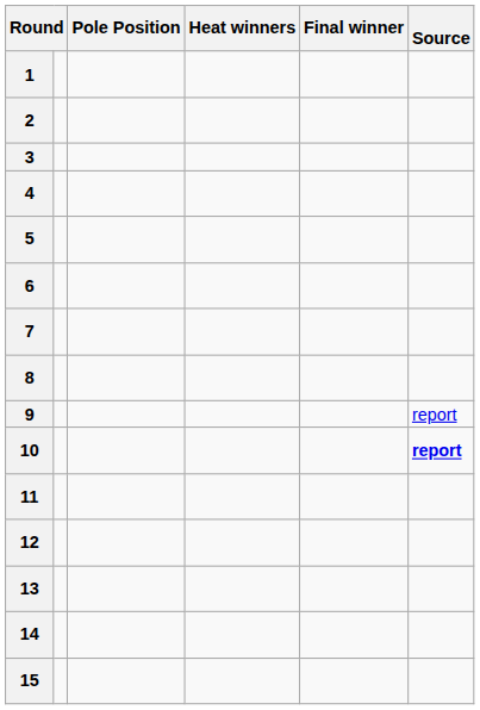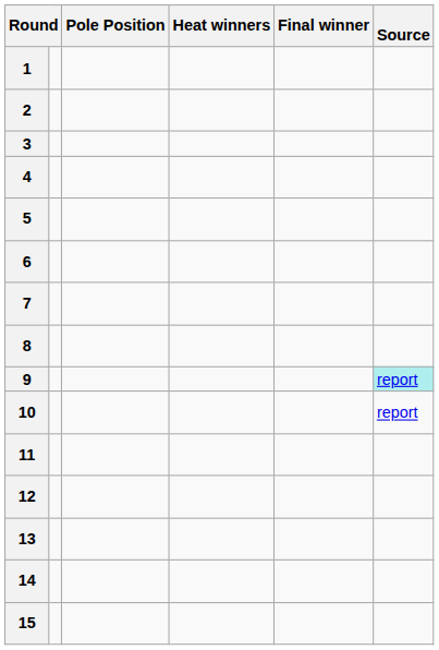 <table class="wikitable" style="font-size: 85%;">
 <tr>
 <th colspan="2">Round</th>
 <th>Pole Position</th>
 <th>Heat winners</th>
 <th>Final winner</th>
 <th><br>Source</th>
 </tr>
 <tr>
 <th>1</th>
 <td></td>
 <td></td>
 <td><br><br></td>
 <td></td>
 <td align=center></td>
 </tr>
 <tr>
 <th>2</th>
 <td></td>
 <td></td>
 <td><br><br></td>
 <td></td>
 <td align=center></td>
 </tr>
 <tr>
 <th>3</th>
 <td></td>
 <td></td>
 <td></td>
 <td></td>
 <td align=center></td>
 </tr>
 <tr>
 <th>4</th>
 <td></td>
 <td></td>
 <td><br><br></td>
 <td></td>
 <td align=center></td>
 </tr>
 <tr>
 <th>5</th>
 <td></td>
 <td></td>
 <td><br><br></td>
 <td></td>
 <td align=center></td>
 </tr>
 <tr>
 <th>6</th>
 <td></td>
 <td></td>
 <td><br><br></td>
 <td></td>
 <td align=center></td>
 </tr>
 <tr>
 <th>7</th>
 <td></td>
 <td></td>
 <td><br><br></td>
 <td></td>
 <td align=center></td>
 </tr>
 <tr>
 <th>8</th>
 <td></td>
 <td></td>
 <td><br><br></td>
 <td></td>
 <td align=center></td>
 </tr>
 <tr>
 <th>9</th>
 <td></td>
 <td></td>
 <td></td>
 <td></td>
-<td><a href='#'>report</a></td>
+<td style="background: paleturquoise;"><a href='#'>report</a></td>
 </tr>
 <tr>
 <th>10</th>
 <td></td>
 <td></td>
 <td><br><br></td>
 <td></td>
-<td><strong><a href='#'>report</a></strong></td>
+<td><a href='#'>report</a></td>
 </tr>
 <tr>
 <th>11</th>
 <td></td>
 <td></td>
 <td><br><br></td>
 <td></td>
 <td align=center></td>
 </tr>
 <tr>
 <th>12</th>
 <td></td>
 <td></td>
 <td><br><br></td>
 <td></td>
 <td align=center></td>
 </tr>
 <tr>
 <th>13</th>
 <td></td>
 <td></td>
 <td><br><br></td>
 <td></td>
 <td align=center></td>
 </tr>
 <tr>
 <th>14</th>
 <td></td>
 <td></td>
 <td><br><br></td>
 <td></td>
 <td align=center></td>
 </tr>
 <tr>
 <th>15</th>
 <td></td>
 <td></td>
 <td><br><br></td>
 <td></td>
 <td align=center></td>
 </tr>
 </table>
